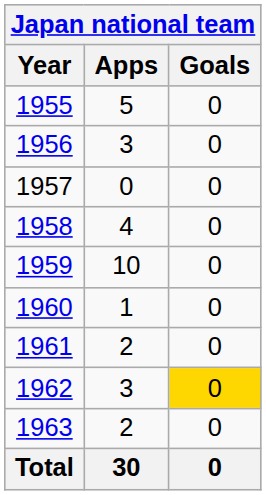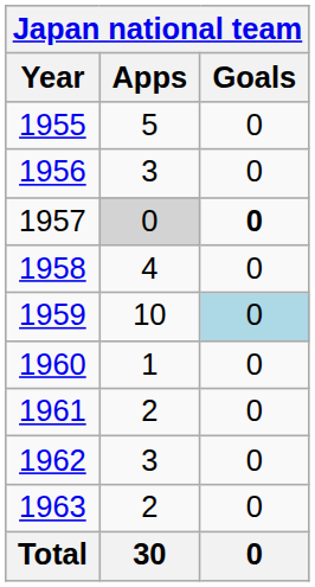 <table class="wikitable" style="text-align:center">
 <tr>
 <th colspan=3><a href='#'>Japan national team</a></th>
 </tr>
 <tr>
 <th>Year</th>
 <th>Apps</th>
 <th>Goals</th>
 </tr>
 <tr>
 <td><a href='#'>1955</a></td>
 <td>5</td>
 <td>0</td>
 </tr>
 <tr>
 <td><a href='#'>1956</a></td>
 <td>3</td>
 <td>0</td>
 </tr>
 <tr>
 <td>1957</td>
-<td>0</td>
-<td>0</td>
+<td style="background: lightgrey;">0</td>
+<td><strong>0</strong></td>
 </tr>
 <tr>
 <td><a href='#'>1958</a></td>
 <td>4</td>
 <td>0</td>
 </tr>
 <tr>
 <td><a href='#'>1959</a></td>
 <td>10</td>
-<td>0</td>
+<td style="background: lightblue;">0</td>
 </tr>
 <tr>
 <td><a href='#'>1960</a></td>
 <td>1</td>
 <td>0</td>
 </tr>
 <tr>
 <td><a href='#'>1961</a></td>
 <td>2</td>
 <td>0</td>
 </tr>
 <tr>
 <td><a href='#'>1962</a></td>
 <td>3</td>
-<td style="background: gold;">0</td>
+<td>0</td>
 </tr>
 <tr>
 <td><a href='#'>1963</a></td>
 <td>2</td>
 <td>0</td>
 </tr>
 <tr>
 <th>Total</th>
 <th>30</th>
 <th>0</th>
 </tr>
 </table>
